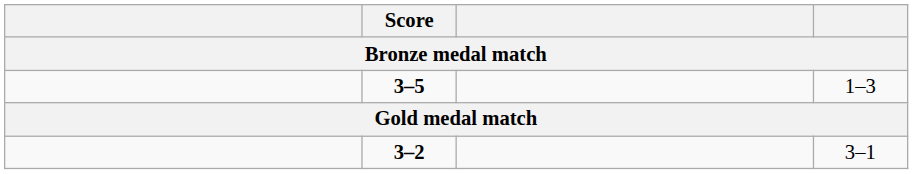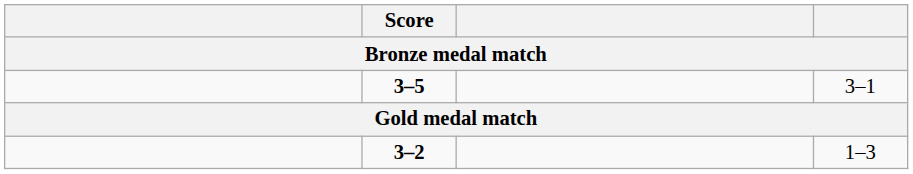 <table class="wikitable" style="text-align: left;">
 <tr>
 <th align="right" width="270"></th>
 <th width="65">Score</th>
 <th align="left" width="270"></th>
 <th width="65"></th>
 </tr>
 <tr>
 <th colspan=4>Bronze medal match</th>
 </tr>
 <tr>
 <td></td>
 <td align=center><strong>3–5</strong></td>
 <td><strong></strong></td>
-<td align=center>1–3 <strong></strong></td>
+<td align=center>3–1 <strong></strong></td>
 </tr>
 <tr>
 <th colspan=4>Gold medal match</th>
 </tr>
 <tr>
 <td><strong></strong></td>
 <td align=center><strong>3–2</strong></td>
 <td></td>
-<td align=center>3–1 <strong></strong></td>
+<td align=center>1–3 <strong></strong></td>
 </tr>
 </table>
